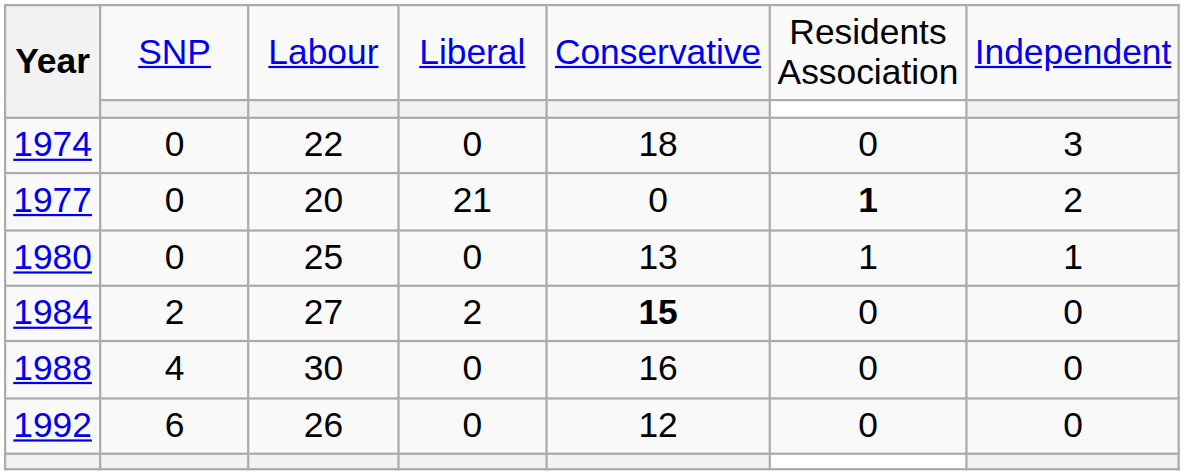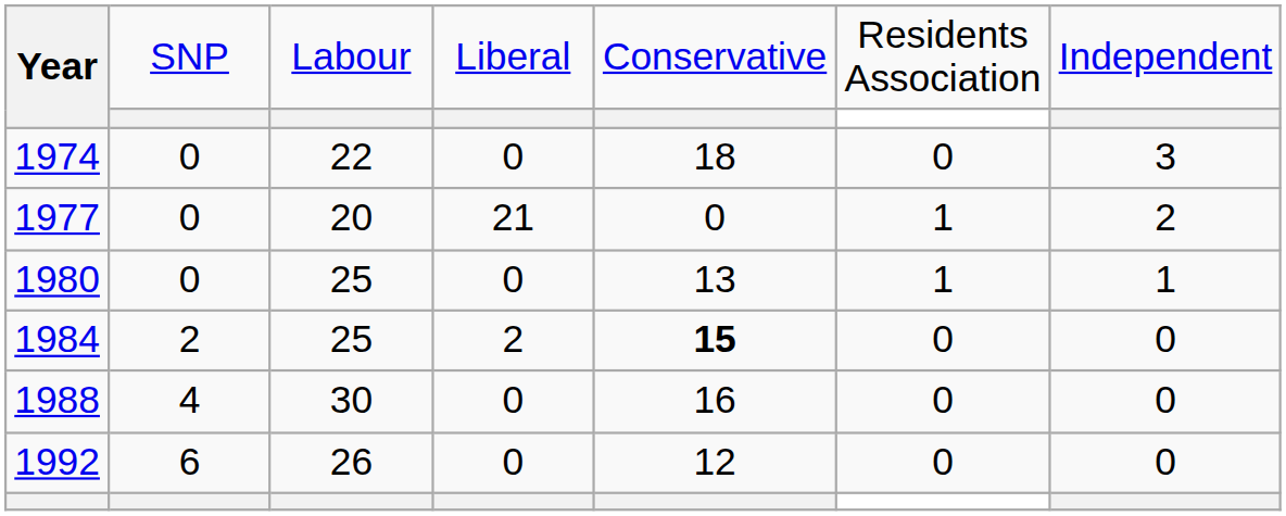 <table class=wikitable style=text-align:center>
 <tr>
 <th rowspan=2>Year</th>
 <td width="60"><a href='#'>SNP</a></td>
 <td width="60"><a href='#'>Labour</a></td>
 <td width="60"><a href='#'>Liberal</a></td>
 <td width="60"><a href='#'>Conservative</a></td>
 <td width="60">Residents Association</td>
 <td width="60"><a href='#'>Independent</a></td>
 </tr>
 <tr>
 <th style="background-color: "></th>
 <th style="background-color: "></th>
 <th style="background-color: "></th>
 <th style="background-color: "></th>
 <th style="background-color: #FFFFFF; width: 3px;"></th>
 <th style="background-color: "></th>
 </tr>
 <tr>
 <td><a href='#'>1974</a></td>
 <td>0</td>
 <td>22</td>
 <td>0</td>
 <td>18</td>
 <td>0</td>
 <td>3</td>
 </tr>
 <tr>
 <td><a href='#'>1977</a></td>
 <td>0</td>
 <td>20</td>
 <td>21</td>
 <td>0</td>
-<td><strong>1</strong></td>
+<td>1</td>
 <td>2</td>
 </tr>
 <tr>
 <td><a href='#'>1980</a></td>
 <td>0</td>
 <td>25</td>
 <td>0</td>
 <td>13</td>
 <td>1</td>
 <td>1</td>
 </tr>
 <tr>
 <td><a href='#'>1984</a></td>
 <td>2</td>
-<td>27</td>
+<td>25</td>
 <td>2</td>
 <td><strong>15</strong></td>
 <td>0</td>
 <td>0</td>
 </tr>
 <tr>
 <td><a href='#'>1988</a></td>
 <td>4</td>
 <td>30</td>
 <td>0</td>
 <td>16</td>
 <td>0</td>
 <td>0</td>
 </tr>
 <tr>
 <td><a href='#'>1992</a></td>
 <td>6</td>
 <td>26</td>
 <td>0</td>
 <td>12</td>
 <td>0</td>
 <td>0</td>
 </tr>
 <tr>
 <th></th>
 <th style="background-color: "></th>
 <th style="background-color: "></th>
 <th style="background-color: "></th>
 <th style="background-color: "></th>
 <th style="background-color: #FFFFFF; width: 3px;"></th>
 <th style="background-color: "></th>
 </tr>
 </table>
